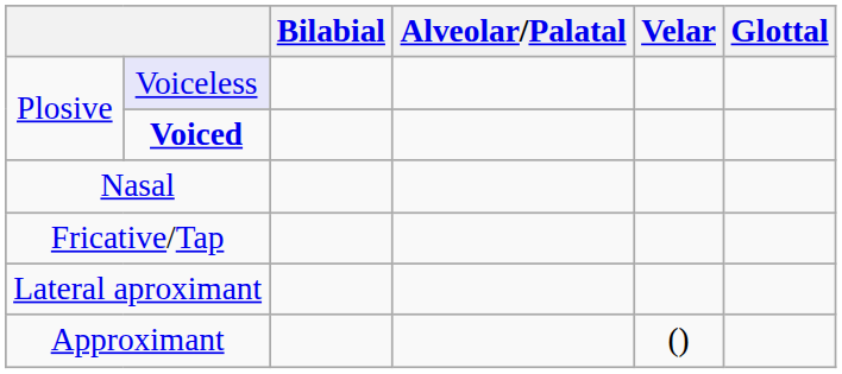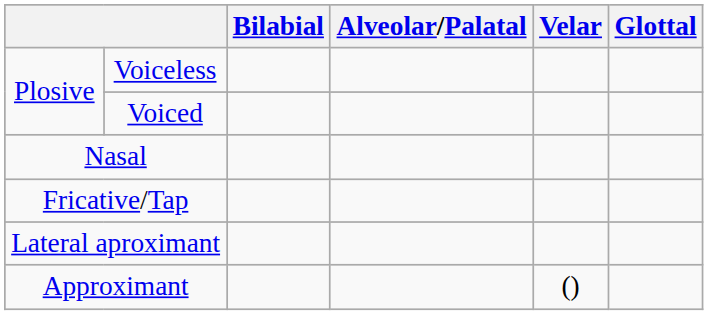 <table class="wikitable" style="text-align: center;">
 <tr>
 <th colspan="2"></th>
 <th><a href='#'>Bilabial</a></th>
 <th><a href='#'>Alveolar</a>/<a href='#'>Palatal</a></th>
 <th><a href='#'>Velar</a></th>
 <th><a href='#'>Glottal</a></th>
 </tr>
 <tr>
 <td rowspan="2"><a href='#'>Plosive</a></td>
-<td style="background: lavender;"><a href='#'>Voiceless</a></td>
+<td><a href='#'>Voiceless</a></td>
 <td></td>
 <td></td>
 <td></td>
 <td></td>
 </tr>
 <tr>
-<td><strong><a href='#'>Voiced</a></strong></td>
+<td><a href='#'>Voiced</a></td>
 <td></td>
 <td></td>
 <td></td>
 <td></td>
 </tr>
 <tr>
 <td colspan="2"><a href='#'>Nasal</a></td>
 <td></td>
 <td></td>
 <td></td>
 <td></td>
 </tr>
 <tr>
 <td colspan="2"><a href='#'>Fricative</a>/<a href='#'>Tap</a></td>
 <td></td>
 <td></td>
 <td></td>
 <td></td>
 </tr>
 <tr>
 <td colspan="2"><a href='#'>Lateral aproximant</a></td>
 <td></td>
 <td></td>
 <td></td>
 <td></td>
 </tr>
 <tr>
 <td colspan="2"><a href='#'>Approximant</a></td>
 <td></td>
 <td></td>
 <td>()</td>
 <td></td>
 </tr>
 </table>
